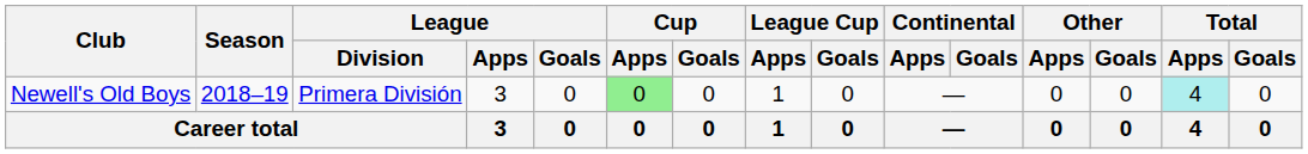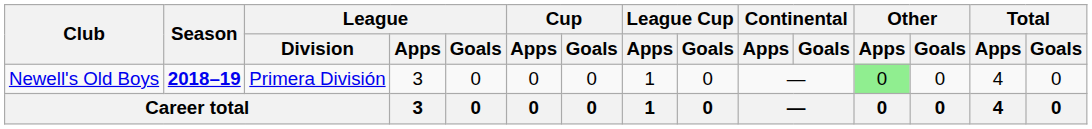 <table class="wikitable" style="text-align:center">
 <tr>
 <th rowspan="2">Club</th>
 <th rowspan="2">Season</th>
 <th colspan="3">League</th>
 <th colspan="2">Cup</th>
 <th colspan="2">League Cup</th>
 <th colspan="2">Continental</th>
 <th colspan="2">Other</th>
 <th colspan="2">Total</th>
 </tr>
 <tr>
 <th>Division</th>
 <th>Apps</th>
 <th>Goals</th>
 <th>Apps</th>
 <th>Goals</th>
 <th>Apps</th>
 <th>Goals</th>
 <th>Apps</th>
 <th>Goals</th>
 <th>Apps</th>
 <th>Goals</th>
 <th>Apps</th>
 <th>Goals</th>
 </tr>
 <tr>
 <td rowspan="1"><a href='#'>Newell's Old Boys</a></td>
-<td><a href='#'>2018–19</a></td>
+<td><strong><a href='#'>2018–19</a></strong></td>
 <td rowspan="1"><a href='#'>Primera División</a></td>
 <td>3</td>
 <td>0</td>
-<td style="background: lightgreen;">0</td>
+<td>0</td>
 <td>0</td>
 <td>1</td>
 <td>0</td>
 <td colspan="2">—</td>
+<td style="background: lightgreen;">0</td>
 <td>0</td>
-<td>0</td>
-<td style="background: paleturquoise;">4</td>
+<td>4</td>
 <td>0</td>
 </tr>
 <tr>
 <th colspan="3">Career total</th>
 <th>3</th>
 <th>0</th>
 <th>0</th>
 <th>0</th>
 <th>1</th>
 <th>0</th>
 <th colspan="2">—</th>
 <th>0</th>
 <th>0</th>
 <th>4</th>
 <th>0</th>
 </tr>
 </table>
